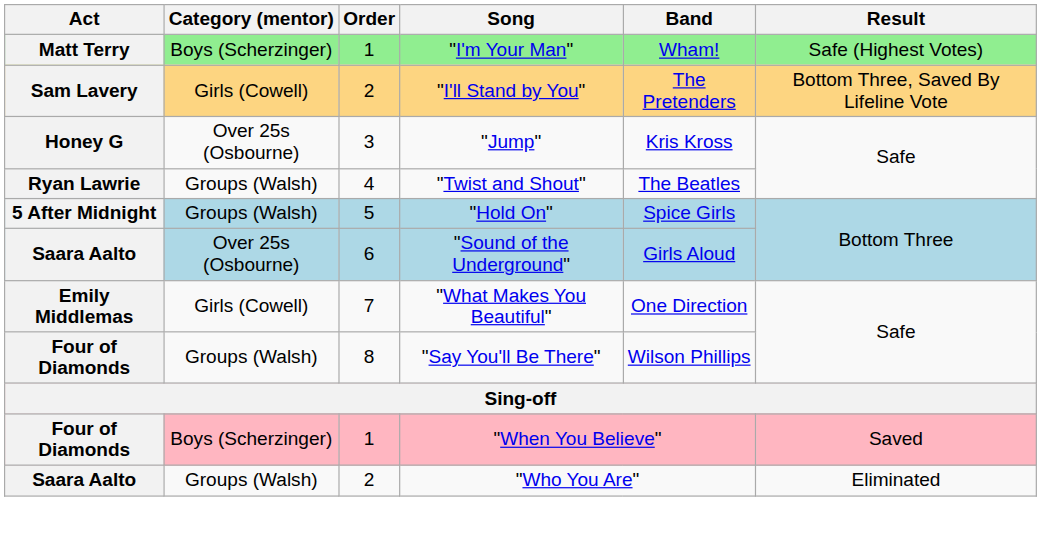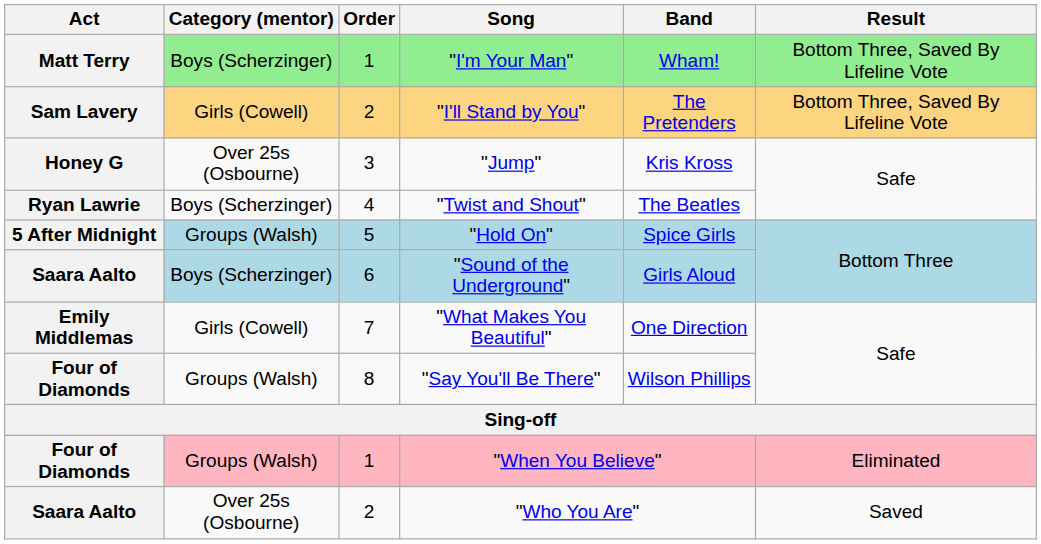 <table class="wikitable plainrowheaders" style="text-align:center;">
 <tr>
 <th scope= "col">Act</th>
 <th scope="col">Category (mentor)</th>
 <th scope="col">Order</th>
 <th scope="col">Song</th>
 <th scope= "col">Band</th>
 <th scope="col">Result</th>
 </tr>
 <tr style="background:lightgreen;">
 <th scope="row">Matt Terry</th>
 <td>Boys (Scherzinger)</td>
 <td>1</td>
 <td>"<a href='#'>I'm Your Man</a>"</td>
 <td><a href='#'>Wham!</a></td>
-<td>Safe (Highest Votes)</td>
+<td>Bottom Three, Saved By Lifeline Vote</td>
 </tr>
 <tr style="background:#fdd581;">
 <th scope="row">Sam Lavery</th>
 <td>Girls (Cowell)</td>
 <td>2</td>
 <td>"<a href='#'>I'll Stand by You</a>"</td>
 <td><a href='#'>The Pretenders</a></td>
 <td>Bottom Three, Saved By Lifeline Vote</td>
 </tr>
 <tr>
 <th scope="row">Honey G</th>
 <td>Over 25s (Osbourne)</td>
 <td>3</td>
 <td>"<a href='#'>Jump</a>"</td>
 <td><a href='#'>Kris Kross</a></td>
 <td rowspan=2>Safe</td>
 </tr>
 <tr>
 <th scope="row">Ryan Lawrie</th>
-<td>Groups (Walsh)</td>
+<td>Boys (Scherzinger)</td>
 <td>4</td>
 <td>"<a href='#'>Twist and Shout</a>"</td>
 <td><a href='#'>The Beatles</a></td>
 </tr>
 <tr style="background:lightblue;">
 <th scope="row">5 After Midnight</th>
 <td>Groups (Walsh)</td>
 <td>5</td>
 <td>"<a href='#'>Hold On</a>"</td>
 <td><a href='#'>Spice Girls</a></td>
 <td rowspan=2>Bottom Three</td>
 </tr>
 <tr style="background:lightblue;">
 <th scope="row">Saara Aalto</th>
-<td>Over 25s (Osbourne)</td>
+<td>Boys (Scherzinger)</td>
 <td>6</td>
 <td>"<a href='#'>Sound of the Underground</a>"</td>
 <td><a href='#'>Girls Aloud</a></td>
 </tr>
 <tr>
 <th scope="row">Emily Middlemas</th>
 <td>Girls (Cowell)</td>
 <td>7</td>
 <td>"<a href='#'>What Makes You Beautiful</a>"</td>
 <td><a href='#'>One Direction</a></td>
 <td rowspan=2>Safe</td>
 </tr>
 <tr>
 <th scope="row">Four of Diamonds</th>
 <td>Groups (Walsh)</td>
 <td>8</td>
 <td>"<a href='#'>Say You'll Be There</a>"</td>
 <td><a href='#'>Wilson Phillips</a></td>
 </tr>
 <tr style="background:pink;">
 <th colspan="6">Sing-off</th>
 </tr>
 <tr style="background:lightpink;">
 <th scope="row">Four of Diamonds</th>
-<td>Boys (Scherzinger)</td>
+<td>Groups (Walsh)</td>
 <td>1</td>
 <td colspan="2">"<a href='#'>When You Believe</a>"</td>
-<td>Saved</td>
+<td>Eliminated</td>
 </tr>
 <tr>
 <th scope="row">Saara Aalto</th>
-<td>Groups (Walsh)</td>
+<td>Over 25s (Osbourne)</td>
 <td>2</td>
 <td colspan="2">"<a href='#'>Who You Are</a>"</td>
-<td>Eliminated</td>
+<td>Saved</td>
 </tr>
 </table>
